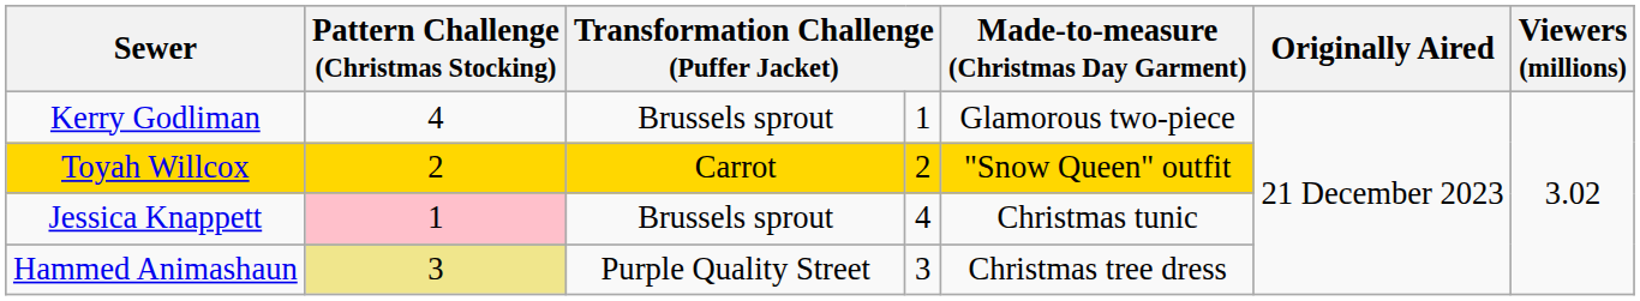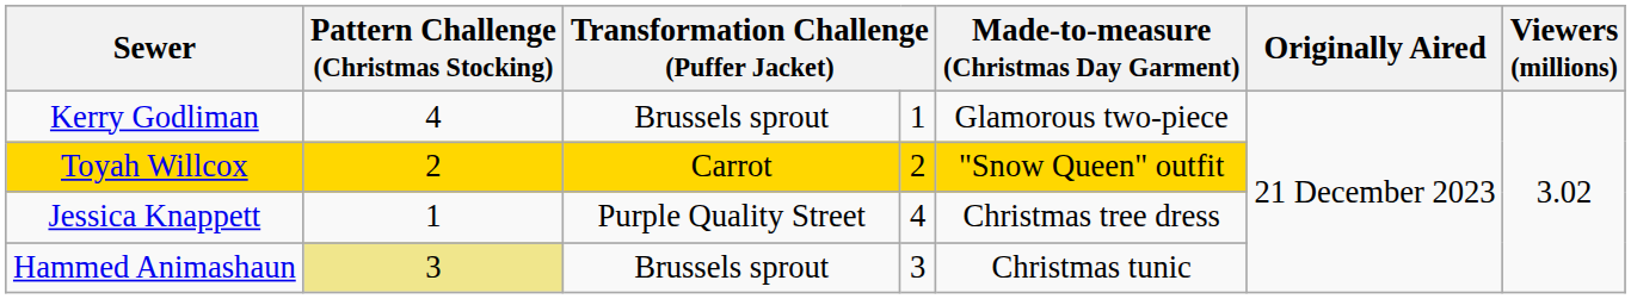 <table class="wikitable" style="text-align:center">
 <tr>
 <th>Sewer</th>
 <th>Pattern Challenge<br><small>(Christmas Stocking)</small></th>
 <th colspan="2">Transformation Challenge<br><small>(Puffer Jacket)</small></th>
 <th>Made-to-measure<br><small>(Christmas Day Garment)</small></th>
 <th>Originally Aired</th>
 <th>Viewers<br><small>(millions)</small></th>
 </tr>
 <tr>
 <td><a href='#'>Kerry Godliman</a></td>
 <td>4</td>
 <td>Brussels sprout</td>
 <td>1</td>
 <td>Glamorous two-piece</td>
 <td rowspan="4">21 December 2023</td>
 <td rowspan="4">3.02</td>
 </tr>
 <tr style="background:Gold">
 <td><a href='#'>Toyah Willcox</a></td>
 <td>2</td>
 <td>Carrot</td>
 <td>2</td>
 <td>"Snow Queen" outfit</td>
 </tr>
 <tr>
 <td><a href='#'>Jessica Knappett</a></td>
-<td style="background: pink;">1</td>
-<td>Brussels sprout</td>
+<td>1</td>
+<td>Purple Quality Street</td>
 <td>4</td>
-<td>Christmas tunic</td>
+<td>Christmas tree dress</td>
 </tr>
 <tr>
 <td><a href='#'>Hammed Animashaun</a></td>
 <td style="background: khaki;">3</td>
-<td>Purple Quality Street</td>
+<td>Brussels sprout</td>
 <td>3</td>
-<td>Christmas tree dress</td>
+<td>Christmas tunic</td>
 </tr>
 </table>
